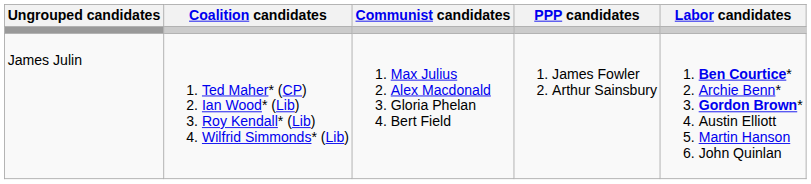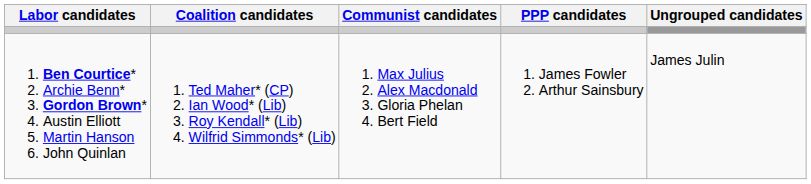 <table class="wikitable">
 <tr>
-<th>Ungrouped candidates</th>
+<th><a href='#'>Labor</a> candidates</th>
 <th><a href='#'>Coalition</a> candidates</th>
 <th><a href='#'>Communist</a> candidates</th>
 <th><a href='#'>PPP</a> candidates</th>
-<th><a href='#'>Labor</a> candidates</th>
+<th>Ungrouped candidates</th>
 </tr>
 <tr bgcolor="#cccccc">
-<td bgcolor="#999999"></td>
 <td></td>
 <td></td>
 <td></td>
 <td></td>
+<td bgcolor="#999999"></td>
 </tr>
 <tr>
-<td valign=top><br>James Julin</td>
+<td><br><ol><li><strong><a href='#'>Ben Courtice</a></strong>*</li><li><a href='#'>Archie Benn</a>*</li><li><strong><a href='#'>Gordon Brown</a></strong>*</li><li>Austin Elliott</li><li><a href='#'>Martin Hanson</a></li><li>John Quinlan</li></ol></td>
 <td><br><ol><li><a href='#'>Ted Maher</a>* (<a href='#'>CP</a>)</li><li><a href='#'>Ian Wood</a>* (<a href='#'>Lib</a>)</li><li><a href='#'>Roy Kendall</a>* (<a href='#'>Lib</a>)</li><li><a href='#'>Wilfrid Simmonds</a>* (<a href='#'>Lib</a>)</li></ol></td>
 <td valign=top><br><ol><li><a href='#'>Max Julius</a></li><li><a href='#'>Alex Macdonald</a></li><li>Gloria Phelan</li><li>Bert Field</li></ol></td>
 <td valign=top><br><ol><li>James Fowler</li><li>Arthur Sainsbury</li></ol></td>
-<td><br><ol><li><strong><a href='#'>Ben Courtice</a></strong>*</li><li><a href='#'>Archie Benn</a>*</li><li><strong><a href='#'>Gordon Brown</a></strong>*</li><li>Austin Elliott</li><li><a href='#'>Martin Hanson</a></li><li>John Quinlan</li></ol></td>
+<td valign=top><br>James Julin</td>
 </tr>
 </table>
